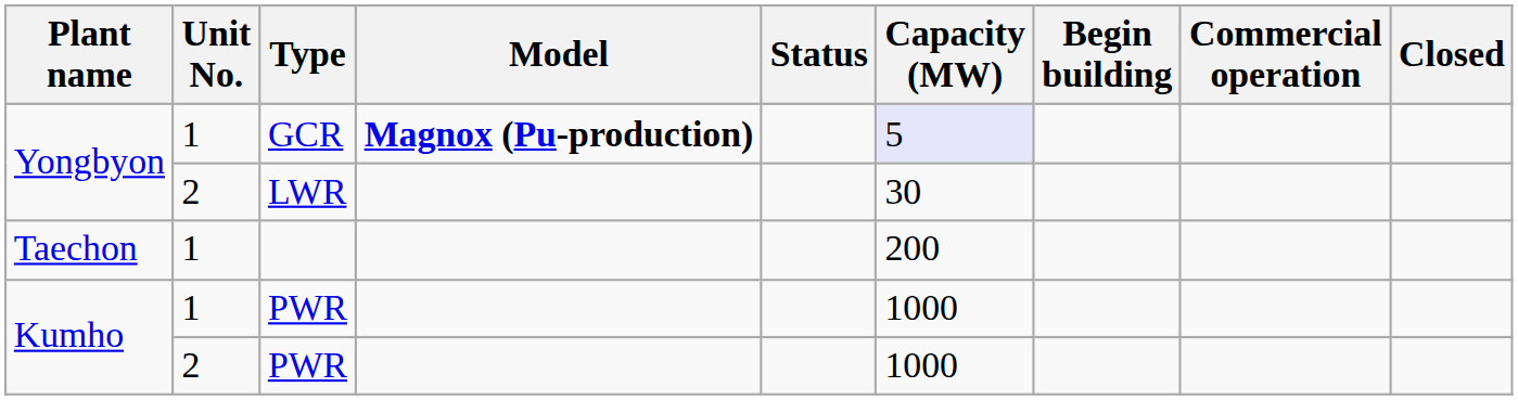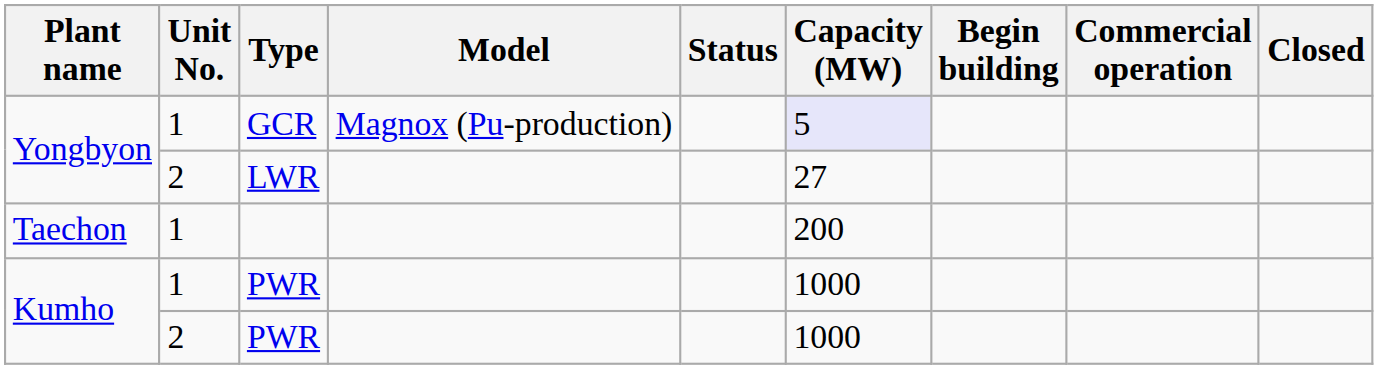 <table class="wikitable sortable mw-datatable">
 <tr>
 <th>Plant<br>name</th>
 <th>Unit<br>No.</th>
 <th>Type</th>
 <th>Model</th>
 <th>Status</th>
 <th>Capacity<br>(MW)</th>
 <th>Begin<br>building</th>
 <th>Commercial<br>operation</th>
 <th>Closed</th>
 </tr>
 <tr>
 <td rowspan=2><a href='#'>Yongbyon</a></td>
 <td>1</td>
 <td><a href='#'>GCR</a></td>
-<td><strong><a href='#'>Magnox</a> (<a href='#'>Pu</a>-production)</strong></td>
+<td><a href='#'>Magnox</a> (<a href='#'>Pu</a>-production)</td>
 <td></td>
 <td style="background: lavender;">5</td>
 <td></td>
 <td></td>
 <td></td>
 </tr>
 <tr>
 <td>2</td>
 <td><a href='#'>LWR</a></td>
 <td></td>
 <td></td>
-<td>30</td>
+<td>27</td>
 <td></td>
 <td></td>
 <td></td>
 </tr>
 <tr>
 <td><a href='#'>Taechon</a></td>
 <td>1</td>
 <td></td>
 <td></td>
 <td></td>
 <td>200</td>
 <td></td>
 <td></td>
 <td></td>
 </tr>
 <tr>
 <td rowspan=2><a href='#'>Kumho</a></td>
 <td>1</td>
 <td><a href='#'>PWR</a></td>
 <td></td>
 <td></td>
 <td>1000</td>
 <td></td>
 <td></td>
 <td></td>
 </tr>
 <tr>
 <td>2</td>
 <td><a href='#'>PWR</a></td>
 <td></td>
 <td></td>
 <td>1000</td>
 <td></td>
 <td></td>
 <td></td>
 </tr>
 </table>
